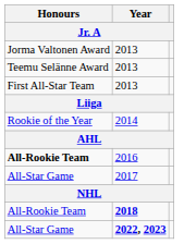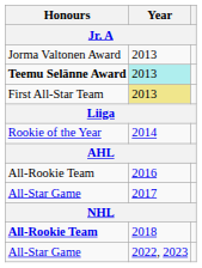 <table class="wikitable">
 <tr>
 <th>Honours</th>
 <th>Year</th>
 <th></th>
 </tr>
 <tr>
 <th colspan="3"><a href='#'>Jr. A</a></th>
 </tr>
 <tr>
 <td>Jorma Valtonen Award</td>
 <td>2013</td>
 <td></td>
 </tr>
 <tr>
-<td>Teemu Selänne Award</td>
-<td>2013</td>
+<td><strong>Teemu Selänne Award</strong></td>
+<td style="background: paleturquoise;">2013</td>
 <td></td>
 </tr>
 <tr>
 <td>First All-Star Team</td>
-<td>2013</td>
+<td style="background: khaki;">2013</td>
 <td></td>
 </tr>
 <tr>
 <th colspan="3"><a href='#'>Liiga</a></th>
 </tr>
 <tr>
 <td><a href='#'>Rookie of the Year</a></td>
 <td><a href='#'>2014</a></td>
 <td></td>
 </tr>
 <tr>
 <th colspan="3"><a href='#'>AHL</a></th>
 </tr>
 <tr>
-<td><strong>All-Rookie Team</strong></td>
+<td>All-Rookie Team</td>
 <td><a href='#'>2016</a></td>
 <td></td>
 </tr>
 <tr>
 <td><a href='#'>All-Star Game</a></td>
 <td><a href='#'>2017</a></td>
 <td></td>
 </tr>
 <tr>
 <th colspan="3"><a href='#'>NHL</a></th>
 </tr>
 <tr>
-<td><a href='#'>All-Rookie Team</a></td>
-<td><strong><a href='#'>2018</a></strong></td>
+<td><strong><a href='#'>All-Rookie Team</a></strong></td>
+<td><a href='#'>2018</a></td>
 <td></td>
 </tr>
 <tr>
 <td><a href='#'>All-Star Game</a></td>
-<td><strong><a href='#'>2022</a>, <a href='#'>2023</a></strong></td>
+<td><a href='#'>2022</a>, <a href='#'>2023</a></td>
 <td></td>
 </tr>
 </table>
